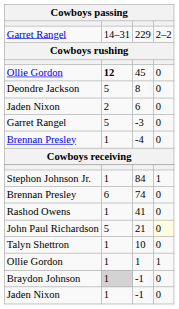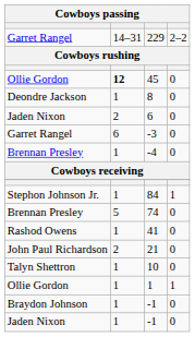 <table class="wikitable plainrowheaders">
 <tr>
 <th colspan="6">Cowboys passing</th>
 </tr>
 <tr>
 <th scope="col"></th>
 <th scope="col"></th>
 <th scope="col"></th>
 <th scope="col"></th>
 </tr>
 <tr>
 <td><a href='#'>Garret Rangel</a></td>
 <td>14–31</td>
 <td>229</td>
 <td>2–2</td>
 </tr>
 <tr>
 <th colspan="6">Cowboys rushing</th>
 </tr>
 <tr>
 <th scope="col"></th>
 <th scope="col"></th>
 <th scope="col"></th>
 <th scope="col"></th>
 </tr>
 <tr>
 <td><a href='#'>Ollie Gordon</a></td>
 <td><strong>12</strong></td>
 <td>45</td>
 <td>0</td>
 </tr>
 <tr>
 <td>Deondre Jackson</td>
-<td>5</td>
+<td>1</td>
 <td>8</td>
 <td>0</td>
 </tr>
 <tr>
 <td>Jaden Nixon</td>
 <td>2</td>
 <td>6</td>
 <td>0</td>
 </tr>
 <tr>
 <td>Garret Rangel</td>
-<td>5</td>
+<td>6</td>
 <td>-3</td>
 <td>0</td>
 </tr>
 <tr>
 <td><a href='#'>Brennan Presley</a></td>
 <td>1</td>
 <td>-4</td>
 <td>0</td>
 </tr>
 <tr>
 <th colspan="6">Cowboys receiving</th>
 </tr>
 <tr>
 </tr>
 <tr>
 <th scope="col"></th>
 <th scope="col"></th>
 <th scope="col"></th>
 <th scope="col"></th>
 </tr>
 <tr>
 <td>Stephon Johnson Jr.</td>
 <td>1</td>
 <td>84</td>
 <td>1</td>
 </tr>
 <tr>
 <td>Brennan Presley</td>
-<td>6</td>
+<td>5</td>
 <td>74</td>
 <td>0</td>
 </tr>
 <tr>
 <td>Rashod Owens</td>
 <td>1</td>
 <td>41</td>
 <td>0</td>
 </tr>
 <tr>
 <td>John Paul Richardson</td>
-<td>5</td>
+<td>2</td>
 <td>21</td>
-<td style="background: lightyellow;">0</td>
+<td>0</td>
 </tr>
 <tr>
 <td>Talyn Shettron</td>
 <td>1</td>
 <td>10</td>
 <td>0</td>
 </tr>
 <tr>
 <td>Ollie Gordon</td>
 <td>1</td>
 <td>1</td>
 <td>1</td>
 </tr>
 <tr>
 <td>Braydon Johnson</td>
-<td style="background: lightgrey;">1</td>
+<td>1</td>
 <td>-1</td>
 <td>0</td>
 </tr>
 <tr>
 <td>Jaden Nixon</td>
 <td>1</td>
 <td>-1</td>
 <td>0</td>
 </tr>
 </table>
